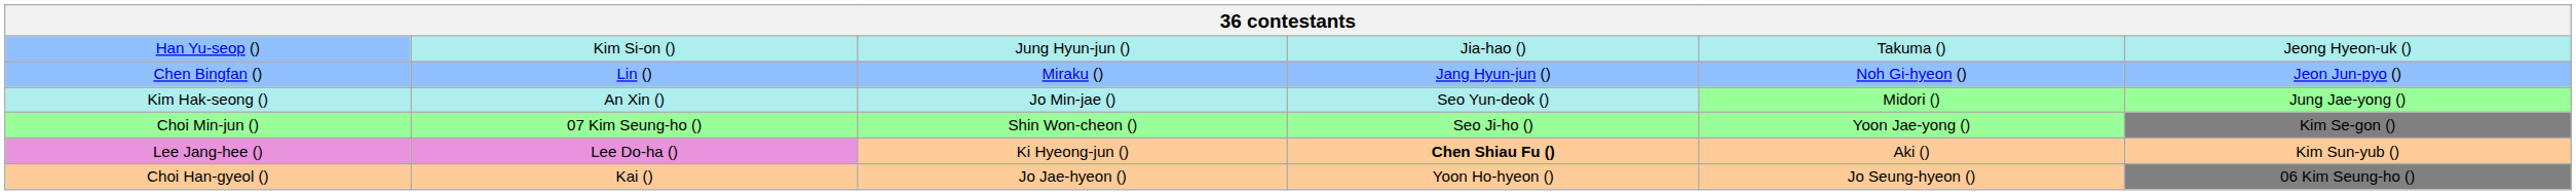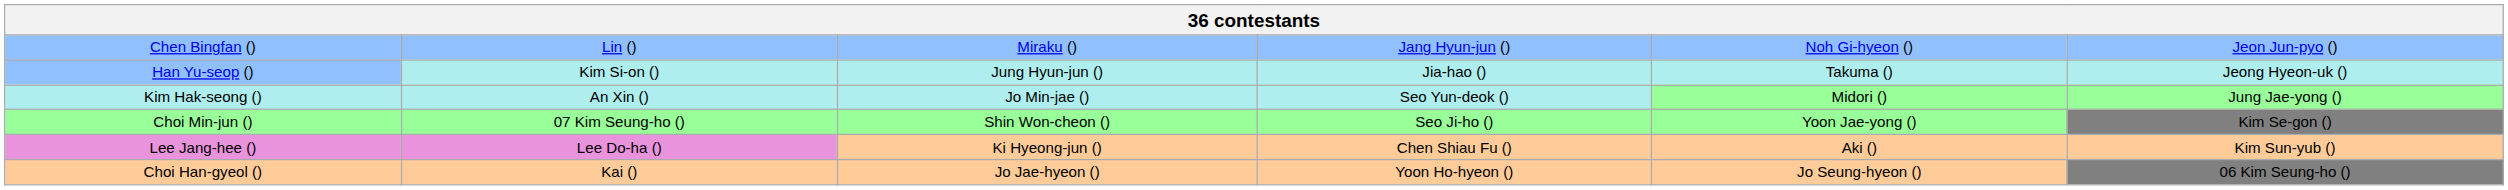 <table class="wikitable" style="text-align:center; white-space: nowrap;; width:100%; font-size: 75%;">
 <tr>
 <th colspan="6" scope="col" style="width:100%; font-size: 125%;">36 contestants</th>
+</tr>
+<tr>
+<td style="background:#90C0FF"><a href='#'>Chen Bingfan</a> ()</td>
+<td style="background:#90C0FF"><a href='#'>Lin</a> ()</td>
+<td style="background:#90C0FF"><a href='#'>Miraku</a> ()</td>
+<td style="background:#90C0FF"><a href='#'>Jang Hyun-jun</a> ()</td>
+<td style="background:#90C0FF"><a href='#'>Noh Gi-hyeon</a> ()</td>
+<td style="background:#90C0FF"><a href='#'>Jeon Jun-pyo</a> ()</td>
 </tr>
 <tr>
 <td style="background:#90C0FF"><a href='#'>Han Yu-seop</a> ()</td>
 <td style="background:#AFEEEE">Kim Si-on ()</td>
 <td style="background:#AFEEEE">Jung Hyun-jun ()</td>
 <td style="background:#AFEEEE">Jia-hao ()</td>
 <td style="background:#AFEEEE">Takuma ()</td>
 <td style="background:#AFEEEE">Jeong Hyeon-uk ()</td>
-</tr>
-<tr>
-<td style="background:#90C0FF"><a href='#'>Chen Bingfan</a> ()</td>
-<td style="background:#90C0FF"><a href='#'>Lin</a> ()</td>
-<td style="background:#90C0FF"><a href='#'>Miraku</a> ()</td>
-<td style="background:#90C0FF"><a href='#'>Jang Hyun-jun</a> ()</td>
-<td style="background:#90C0FF"><a href='#'>Noh Gi-hyeon</a> ()</td>
-<td style="background:#90C0FF"><a href='#'>Jeon Jun-pyo</a> ()</td>
 </tr>
 <tr>
 <td style="background:#AFEEEE">Kim Hak-seong ()</td>
 <td style="background:#AFEEEE">An Xin ()</td>
 <td style="background:#AFEEEE">Jo Min-jae  ()</td>
 <td style="background:#AFEEEE">Seo Yun-deok ()</td>
 <td style="background:#99FF99">Midori ()</td>
 <td style="background:#99FF99">Jung Jae-yong ()</td>
 </tr>
 <tr>
 <td style="background:#99FF99">Choi Min-jun ()</td>
 <td style="background:#99FF99">07 Kim Seung-ho ()</td>
 <td style="background:#99FF99">Shin Won-cheon ()</td>
 <td style="background:#99FF99">Seo Ji-ho ()</td>
 <td style="background:#99FF99">Yoon Jae-yong ()</td>
 <td style="background:Gray;">Kim Se-gon ()</td>
 </tr>
 <tr>
 <td style="background:#E993DD">Lee Jang-hee ()</td>
 <td style="background:#E993DD">Lee Do-ha ()</td>
 <td style="background:#FFCC99;">Ki Hyeong-jun ()</td>
-<td style="background:#FFCC99;"><strong>Chen Shiau Fu ()</strong></td>
+<td style="background:#FFCC99;">Chen Shiau Fu ()</td>
 <td style="background:#FFCC99;">Aki ()</td>
 <td style="background:#FFCC99;">Kim Sun-yub ()</td>
 </tr>
 <tr>
 <td style="background:#FFCC99;">Choi Han-gyeol ()</td>
 <td style="background:#FFCC99;">Kai ()</td>
 <td style="background:#FFCC99;">Jo Jae-hyeon ()</td>
 <td style="background:#FFCC99;">Yoon Ho-hyeon ()</td>
 <td style="background:#FFCC99;">Jo Seung-hyeon ()</td>
 <td style="background:Gray;">06 Kim Seung-ho ()</td>
 </tr>
 </table>
